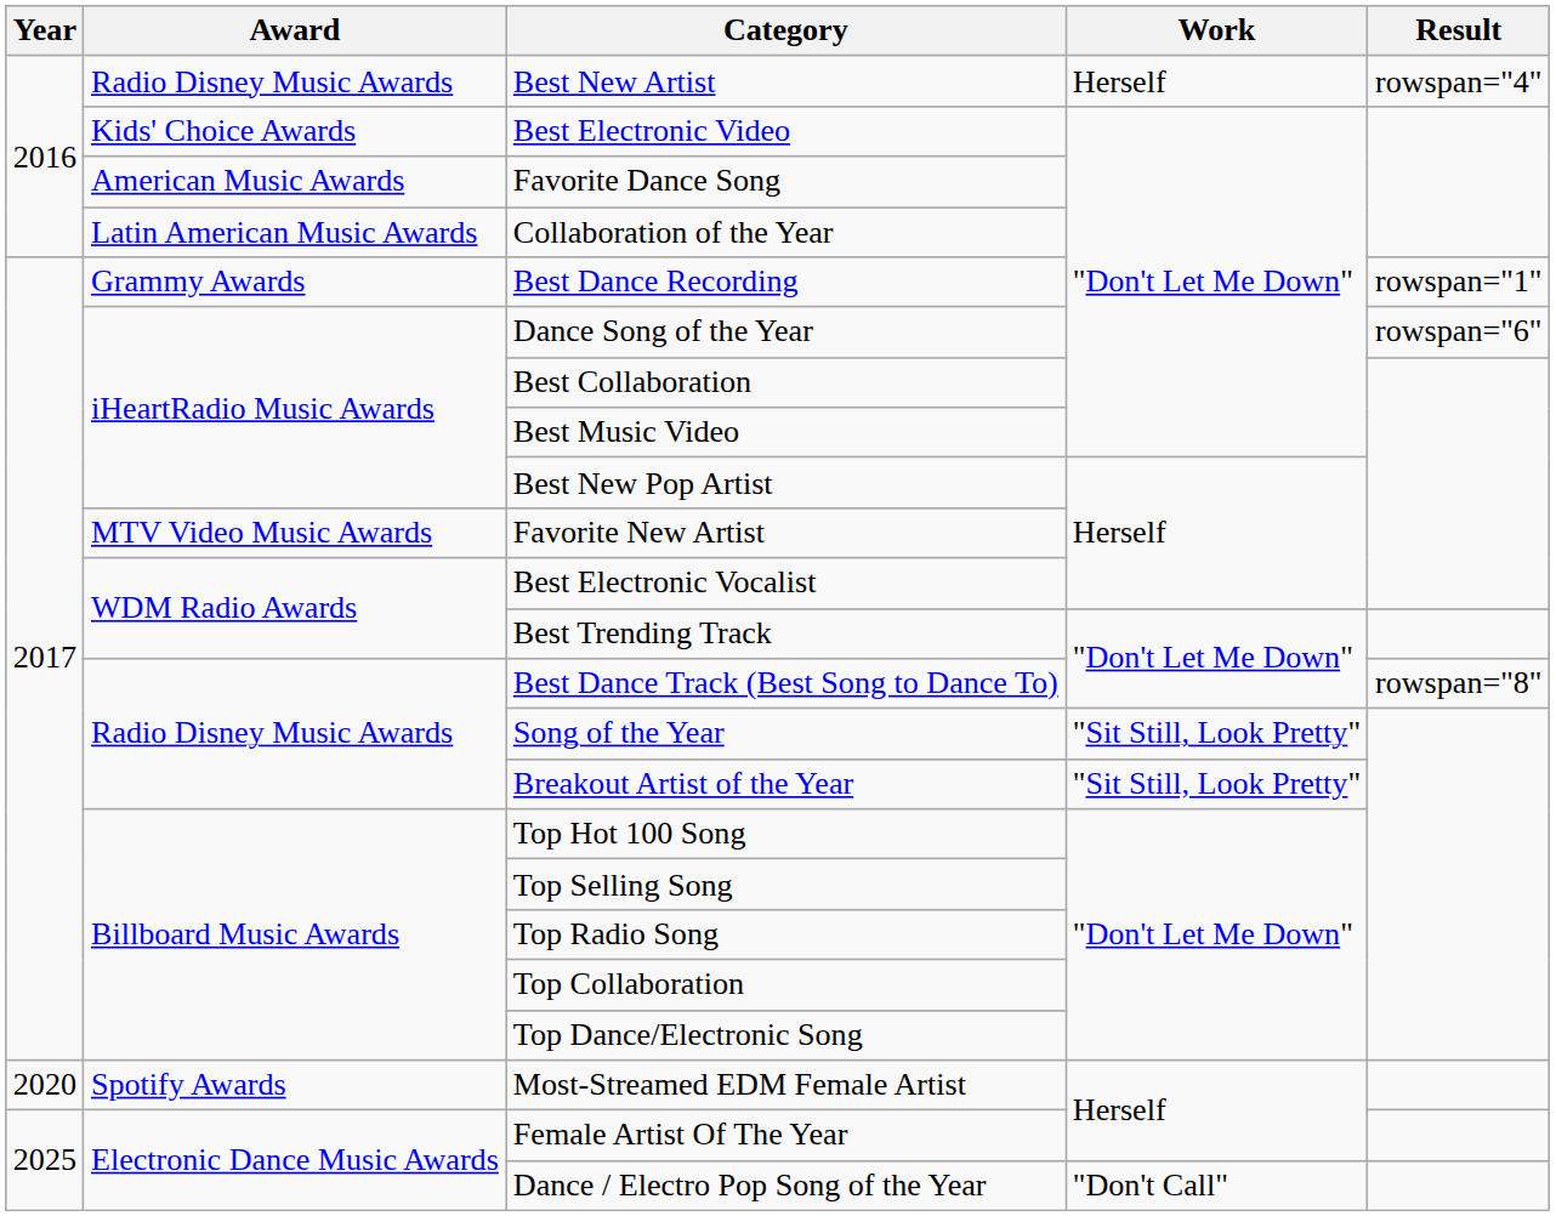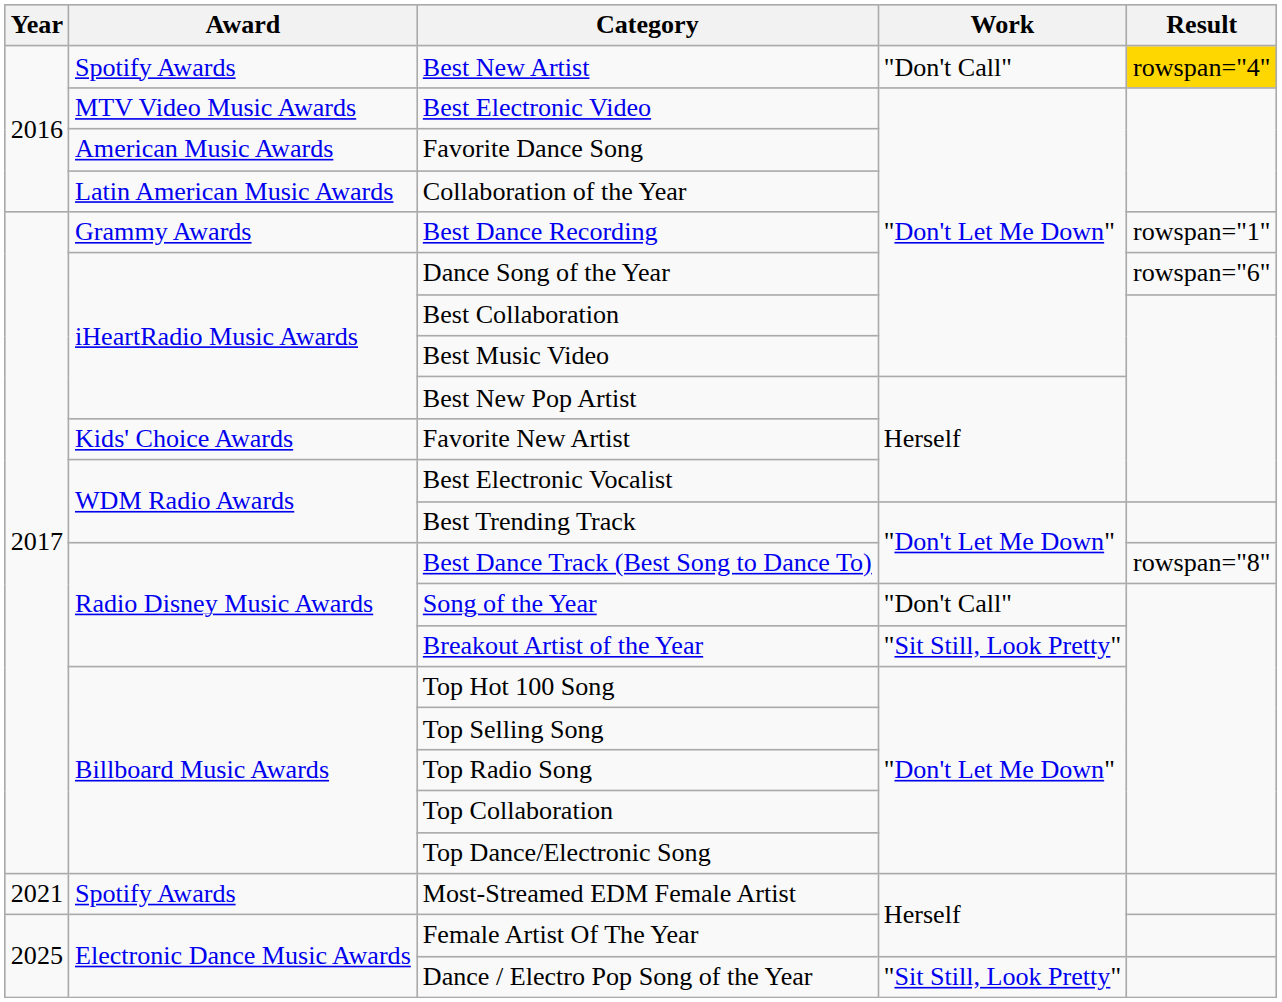 <table class="wikitable">
 <tr>
 <th scope="col">Year</th>
 <th scope="col">Award</th>
 <th>Category</th>
 <th scope="col">Work</th>
 <th scope="col">Result</th>
 </tr>
 <tr>
 <td rowspan="4" style="text-align:center;">2016</td>
-<td><a href='#'>Radio Disney Music Awards</a></td>
+<td><a href='#'>Spotify Awards</a></td>
 <td><a href='#'>Best New Artist</a></td>
-<td>Herself</td>
-<td>rowspan="4" </td>
+<td>"Don't Call"</td>
+<td style="background: gold;">rowspan="4" </td>
 </tr>
 <tr>
-<td><a href='#'>Kids' Choice Awards</a></td>
+<td><a href='#'>MTV Video Music Awards</a></td>
 <td><a href='#'>Best Electronic Video</a></td>
 <td rowspan="7">"<a href='#'>Don't Let Me Down</a>"</td>
 </tr>
 <tr>
 <td><a href='#'>American Music Awards</a></td>
 <td>Favorite Dance Song</td>
 </tr>
 <tr>
 <td><a href='#'>Latin American Music Awards</a></td>
 <td>Collaboration of the Year</td>
 </tr>
 <tr>
 <td rowspan="16">2017</td>
 <td><a href='#'>Grammy Awards</a></td>
 <td><a href='#'>Best Dance Recording</a></td>
 <td>rowspan="1" </td>
 </tr>
 <tr>
 <td rowspan="4"><a href='#'>iHeartRadio Music Awards</a></td>
 <td>Dance Song of the Year</td>
 <td>rowspan="6" </td>
 </tr>
 <tr>
 <td>Best Collaboration</td>
 </tr>
 <tr>
 <td>Best Music Video</td>
 </tr>
 <tr>
 <td>Best New Pop Artist</td>
 <td rowspan="3">Herself</td>
 </tr>
 <tr>
-<td><a href='#'>MTV Video Music Awards</a></td>
+<td><a href='#'>Kids' Choice Awards</a></td>
 <td>Favorite New Artist</td>
 </tr>
 <tr>
 <td rowspan="2"><a href='#'>WDM Radio Awards</a></td>
 <td>Best Electronic Vocalist</td>
 </tr>
 <tr>
 <td>Best Trending Track</td>
 <td rowspan="2">"<a href='#'>Don't Let Me Down</a>"</td>
 <td></td>
 </tr>
 <tr>
 <td rowspan="3"><a href='#'>Radio Disney Music Awards</a></td>
 <td><a href='#'>Best Dance Track (Best Song to Dance To)</a></td>
 <td>rowspan="8" </td>
 </tr>
 <tr>
 <td><a href='#'>Song of the Year</a></td>
-<td>"<a href='#'>Sit Still, Look Pretty</a>"</td>
+<td>"Don't Call"</td>
 </tr>
 <tr>
 <td><a href='#'>Breakout Artist of the Year</a></td>
 <td>"<a href='#'>Sit Still, Look Pretty</a>"</td>
 </tr>
 <tr>
 <td rowspan="5"><a href='#'>Billboard Music Awards</a></td>
 <td>Top Hot 100 Song</td>
 <td rowspan="5">"<a href='#'>Don't Let Me Down</a>"</td>
 </tr>
 <tr>
 <td>Top Selling Song</td>
 </tr>
 <tr>
 <td>Top Radio Song</td>
 </tr>
 <tr>
 <td>Top Collaboration</td>
 </tr>
 <tr>
 <td>Top Dance/Electronic Song</td>
 </tr>
 <tr>
-<td>2020</td>
+<td>2021</td>
 <td><a href='#'>Spotify Awards</a></td>
 <td>Most-Streamed EDM Female Artist</td>
 <td rowspan="2">Herself</td>
 <td></td>
 </tr>
 <tr>
 <td rowspan="2">2025</td>
 <td rowspan="2"><a href='#'>Electronic Dance Music Awards</a></td>
 <td>Female Artist Of The Year</td>
 <td></td>
 </tr>
 <tr>
 <td>Dance / Electro Pop Song of the Year</td>
-<td>"Don't Call"</td>
+<td>"<a href='#'>Sit Still, Look Pretty</a>"</td>
 <td></td>
 </tr>
 </table>
